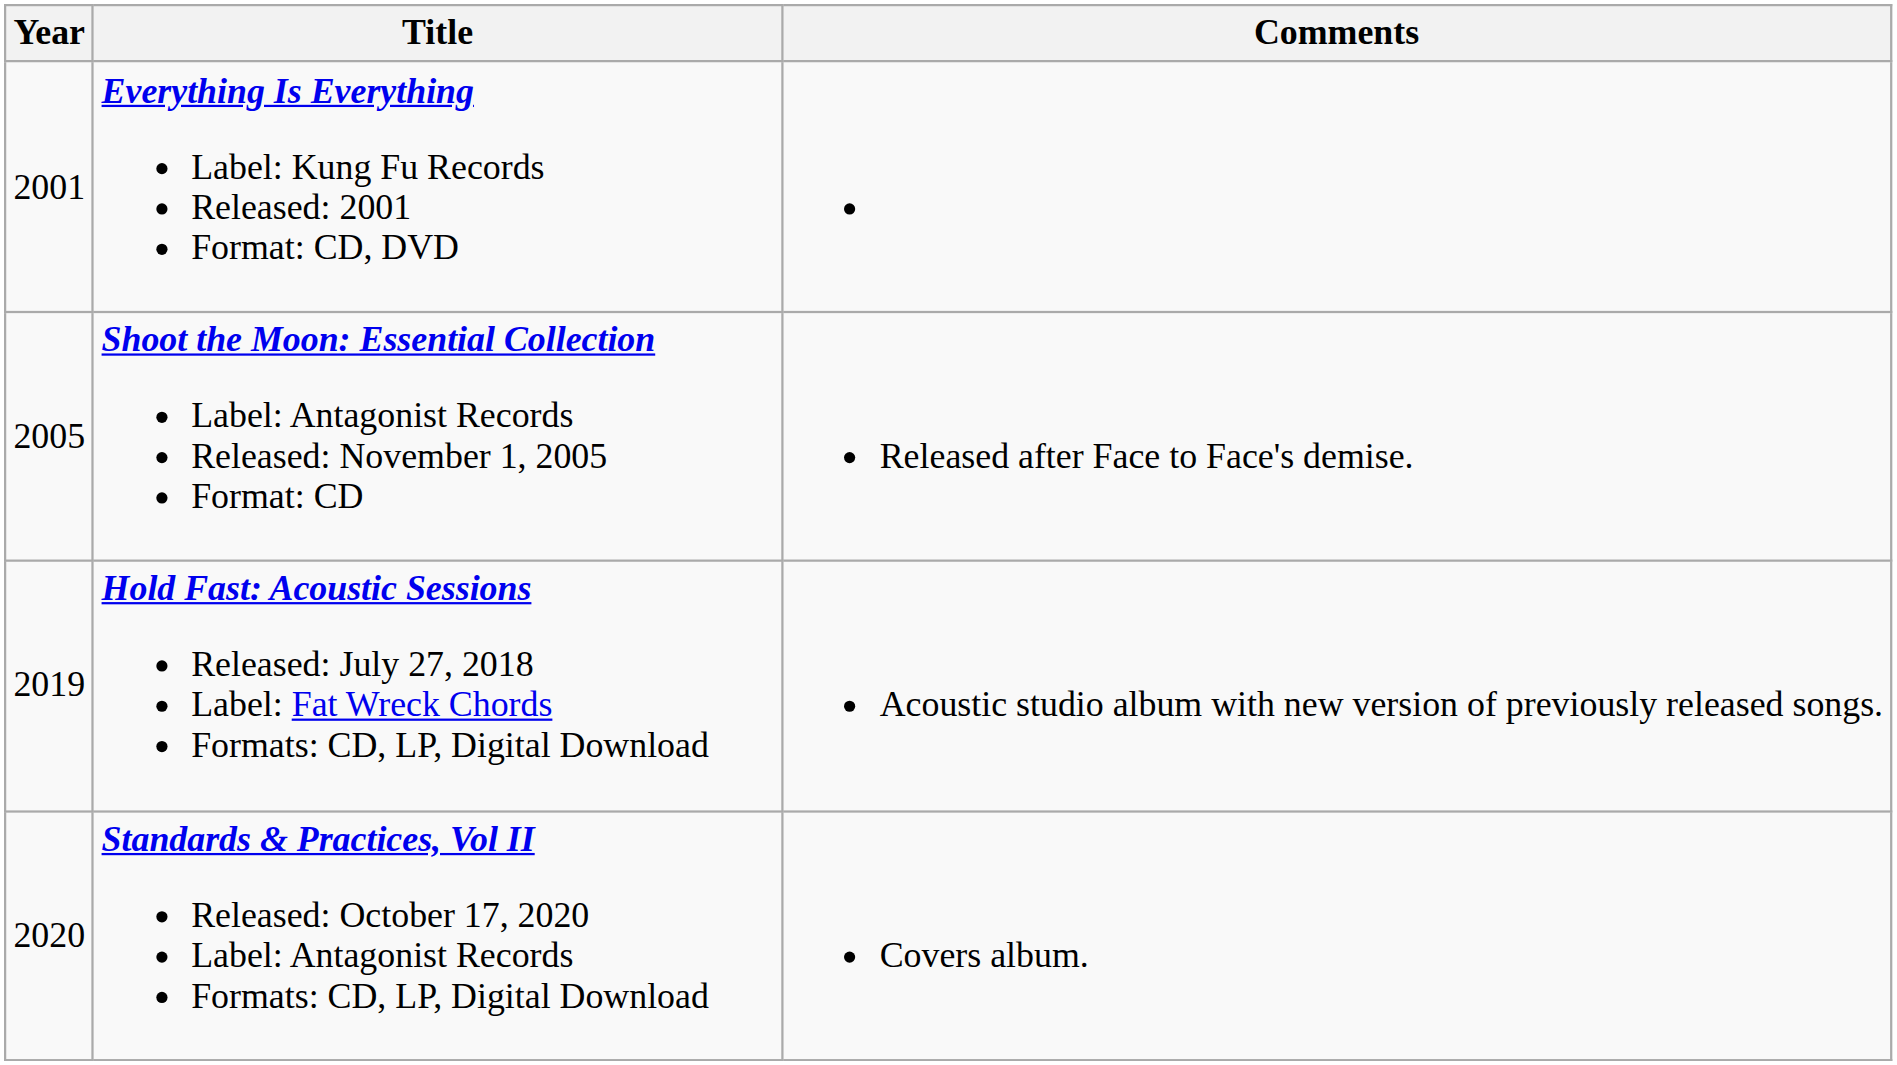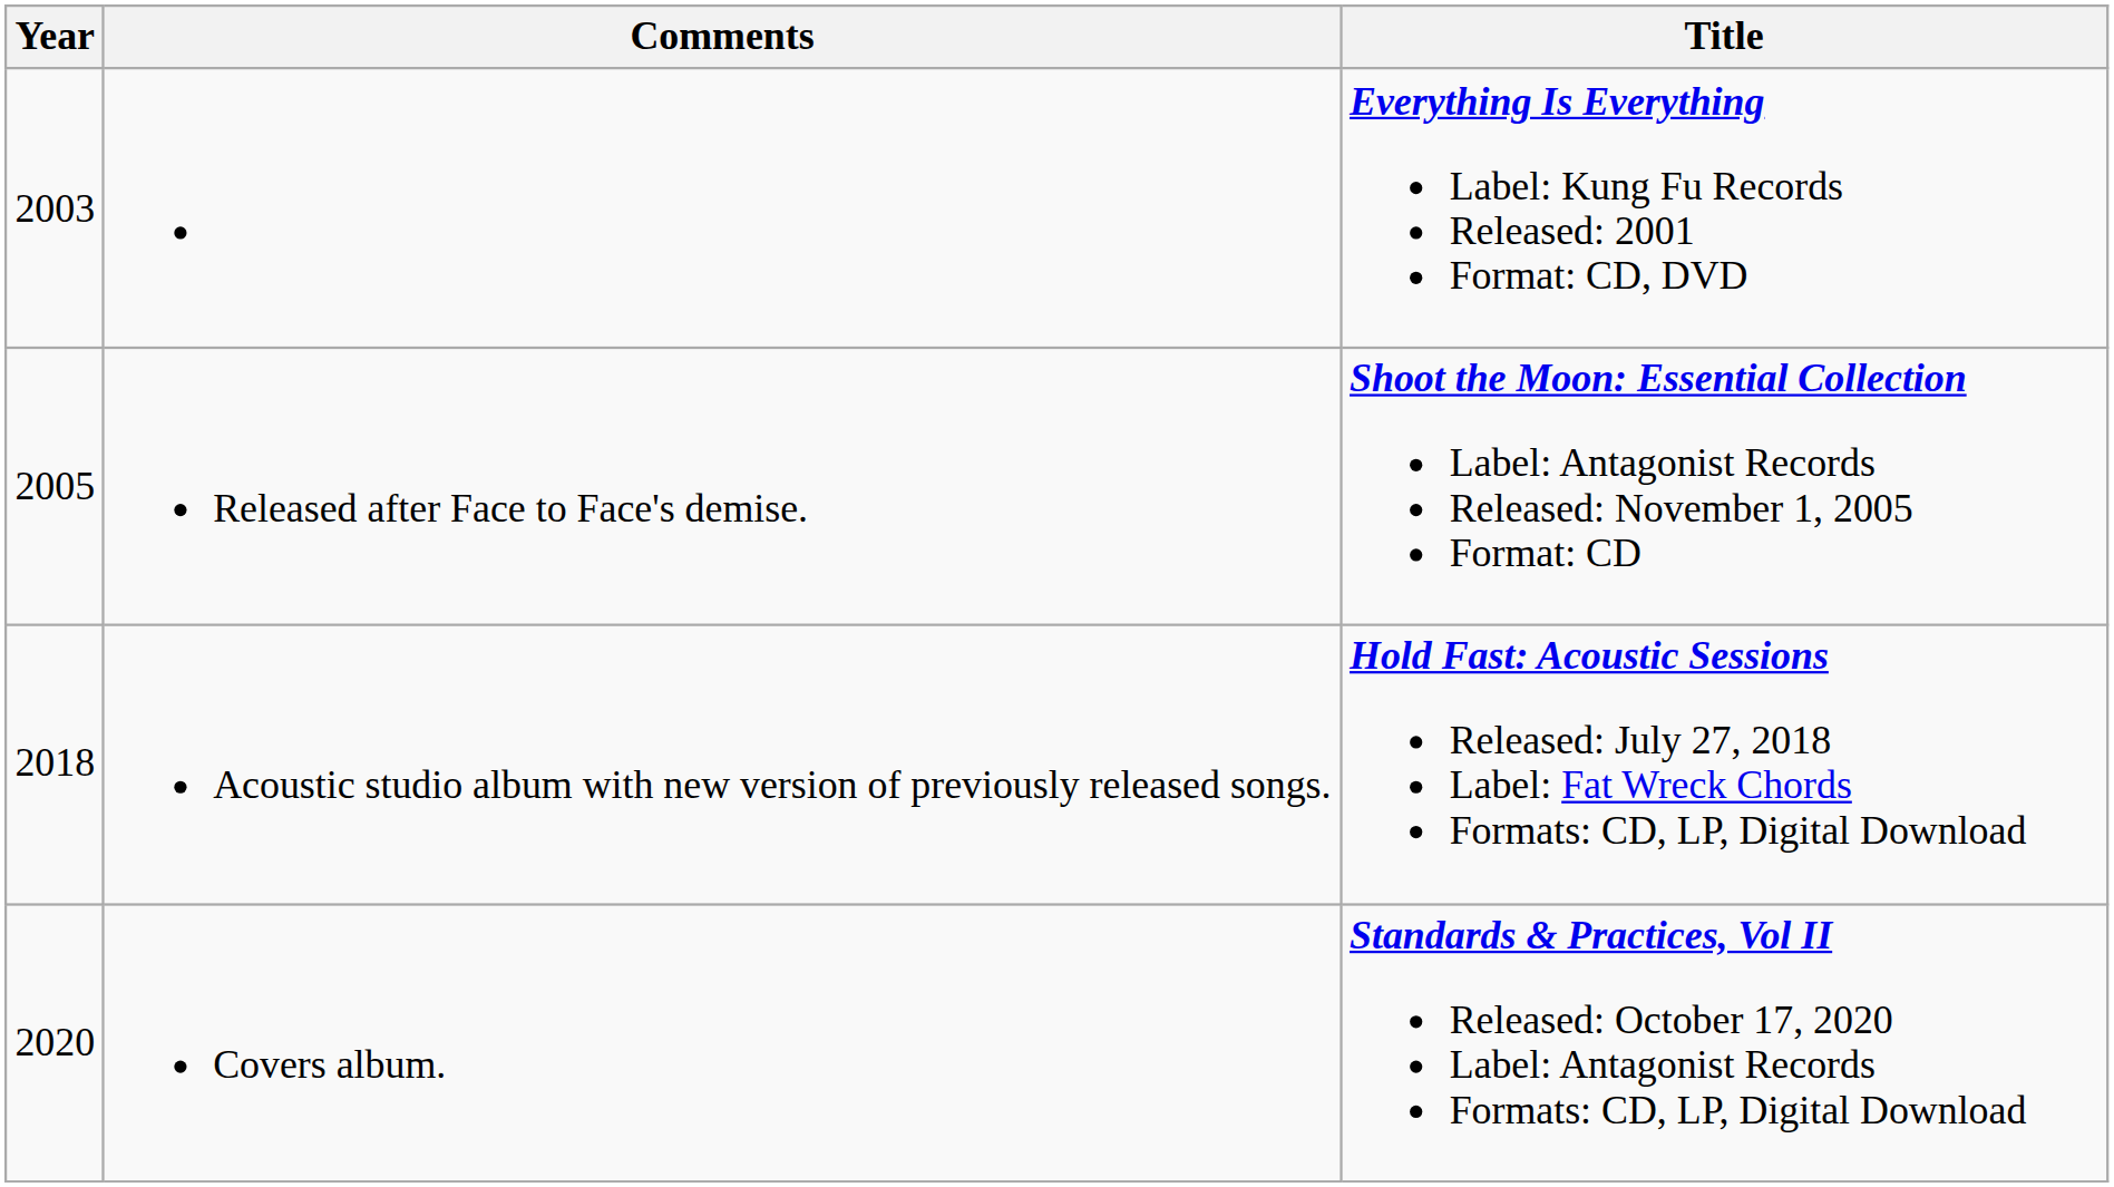 <table class="wikitable">
 <tr>
 <th>Year</th>
+<th>Comments</th>
 <th width="300">Title</th>
-<th>Comments</th>
 </tr>
 <tr>
-<td>2001</td>
+<td>2003</td>
+<td><br><ul><li></li></ul></td>
 <td><strong><em><a href='#'>Everything Is Everything</a></em></strong><br><ul><li>Label: Kung Fu Records</li><li>Released: 2001</li><li>Format: CD, DVD</li></ul></td>
-<td><br><ul><li></li></ul></td>
 </tr>
 <tr>
 <td>2005</td>
+<td><br><ul><li>Released after Face to Face's demise.</li></ul></td>
 <td><strong><em><a href='#'>Shoot the Moon: Essential Collection</a></em></strong><br><ul><li>Label: Antagonist Records</li><li>Released: November 1, 2005</li><li>Format: CD</li></ul></td>
-<td><br><ul><li>Released after Face to Face's demise.</li></ul></td>
 </tr>
 <tr>
-<td>2019</td>
+<td>2018</td>
+<td><br><ul><li>Acoustic studio album with new version of previously released songs.</li></ul></td>
 <td><strong><em><a href='#'>Hold Fast: Acoustic Sessions</a></em></strong><br><ul><li>Released: July 27, 2018</li><li>Label: <a href='#'>Fat Wreck Chords</a></li><li>Formats: CD, LP, Digital Download</li></ul></td>
-<td><br><ul><li>Acoustic studio album with new version of previously released songs.</li></ul></td>
 </tr>
 <tr>
 <td>2020</td>
+<td><br><ul><li>Covers album.</li></ul></td>
 <td><strong><em><a href='#'>Standards & Practices, Vol II</a></em></strong><br><ul><li>Released: October 17, 2020</li><li>Label: Antagonist Records</li><li>Formats: CD, LP, Digital Download</li></ul></td>
-<td><br><ul><li>Covers album.</li></ul></td>
 </tr>
 </table>
